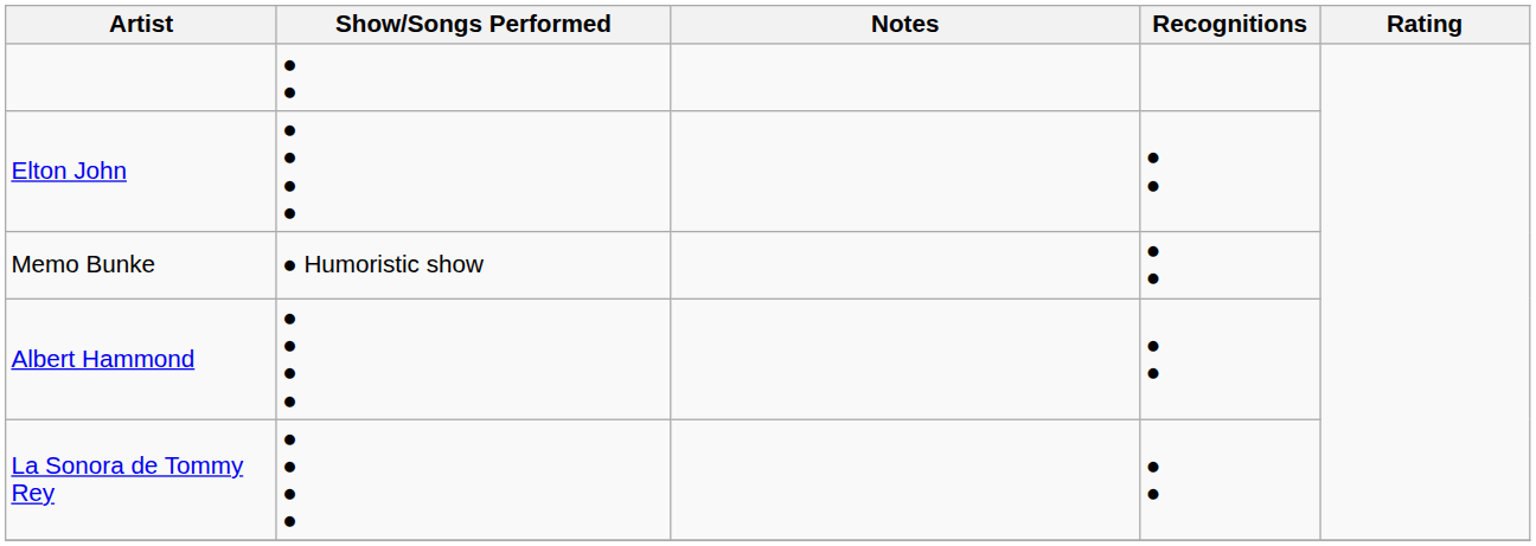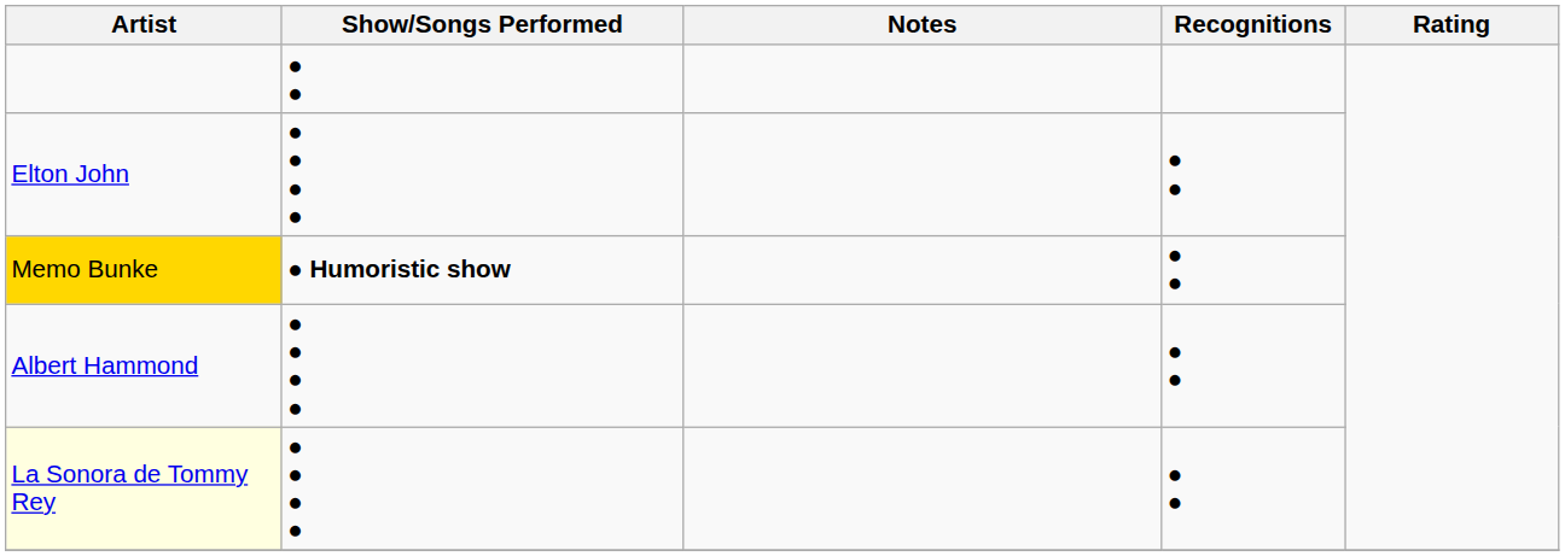 <table class="wikitable">
 <tr>
 <th width="170">Artist</th>
 <th width="250">Show/Songs Performed</th>
 <th width="300">Notes</th>
 <th width="110">Recognitions</th>
 <th width="130">Rating</th>
 </tr>
 <tr>
 <td></td>
 <td>● <br> ● <br></td>
 <td></td>
 <td></td>
 <td rowspan="5"></td>
 </tr>
 <tr>
 <td><a href='#'>Elton John</a></td>
 <td>● <br> ● <br> ● <br> ● <br></td>
 <td></td>
 <td>● <br> ● <br></td>
 </tr>
 <tr>
-<td>Memo Bunke</td>
-<td>● Humoristic show</td>
+<td style="background: gold;">Memo Bunke</td>
+<td><strong>● Humoristic show</strong></td>
 <td></td>
 <td>● <br> ● <br></td>
 </tr>
 <tr>
 <td><a href='#'>Albert Hammond</a></td>
 <td>● <br> ● <br> ● <br> ● <br></td>
 <td></td>
 <td>● <br> ● <br></td>
 </tr>
 <tr>
-<td><a href='#'>La Sonora de Tommy Rey</a></td>
+<td style="background: lightyellow;"><a href='#'>La Sonora de Tommy Rey</a></td>
 <td>● <br> ● <br> ● <br> ● <br></td>
 <td></td>
 <td>● <br> ● <br></td>
 </tr>
 <tr>
 </tr>
 </table>
